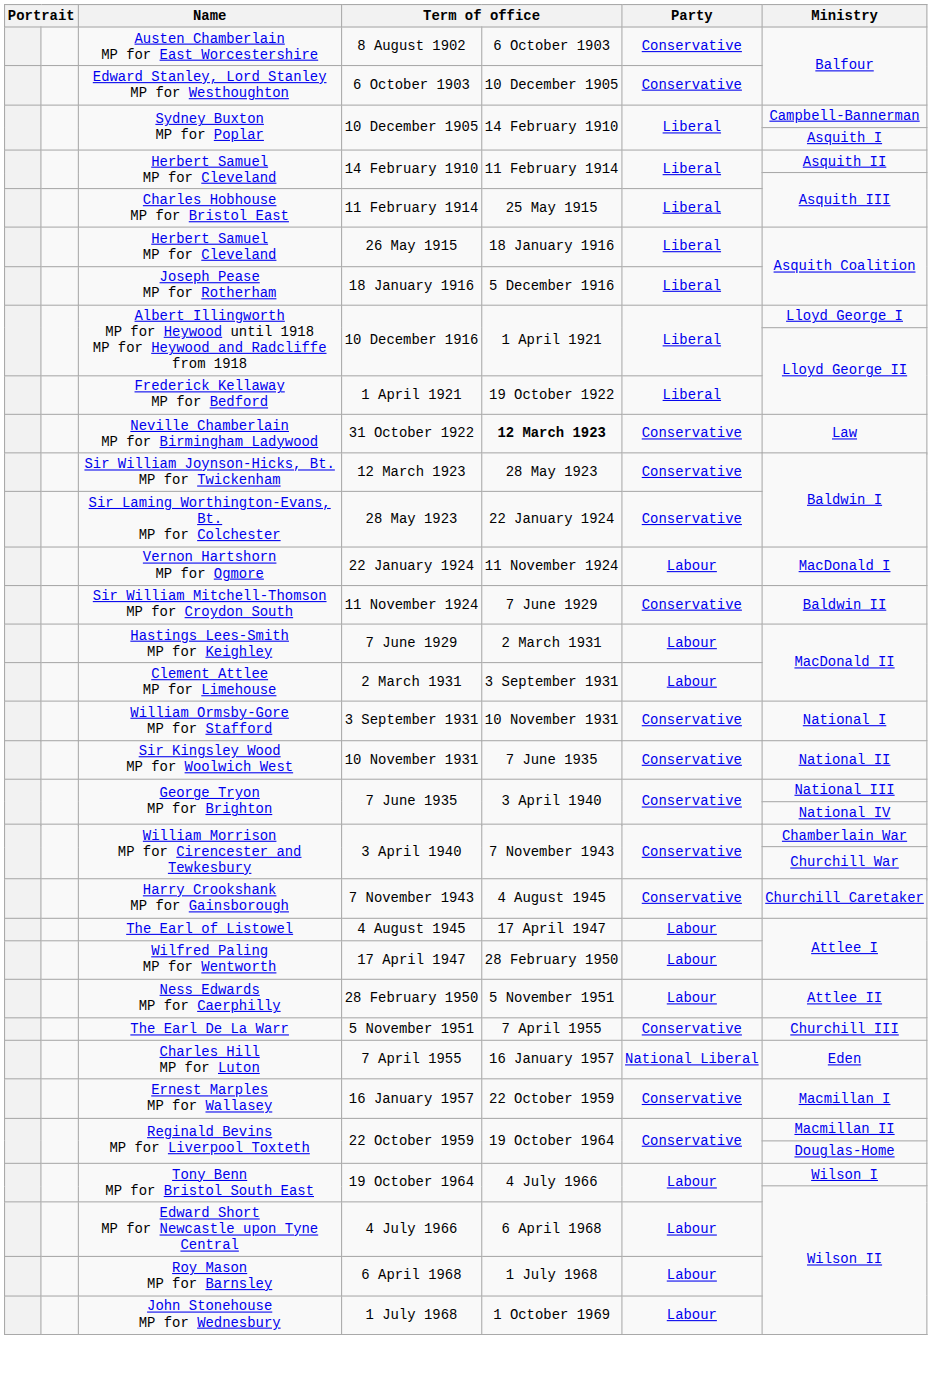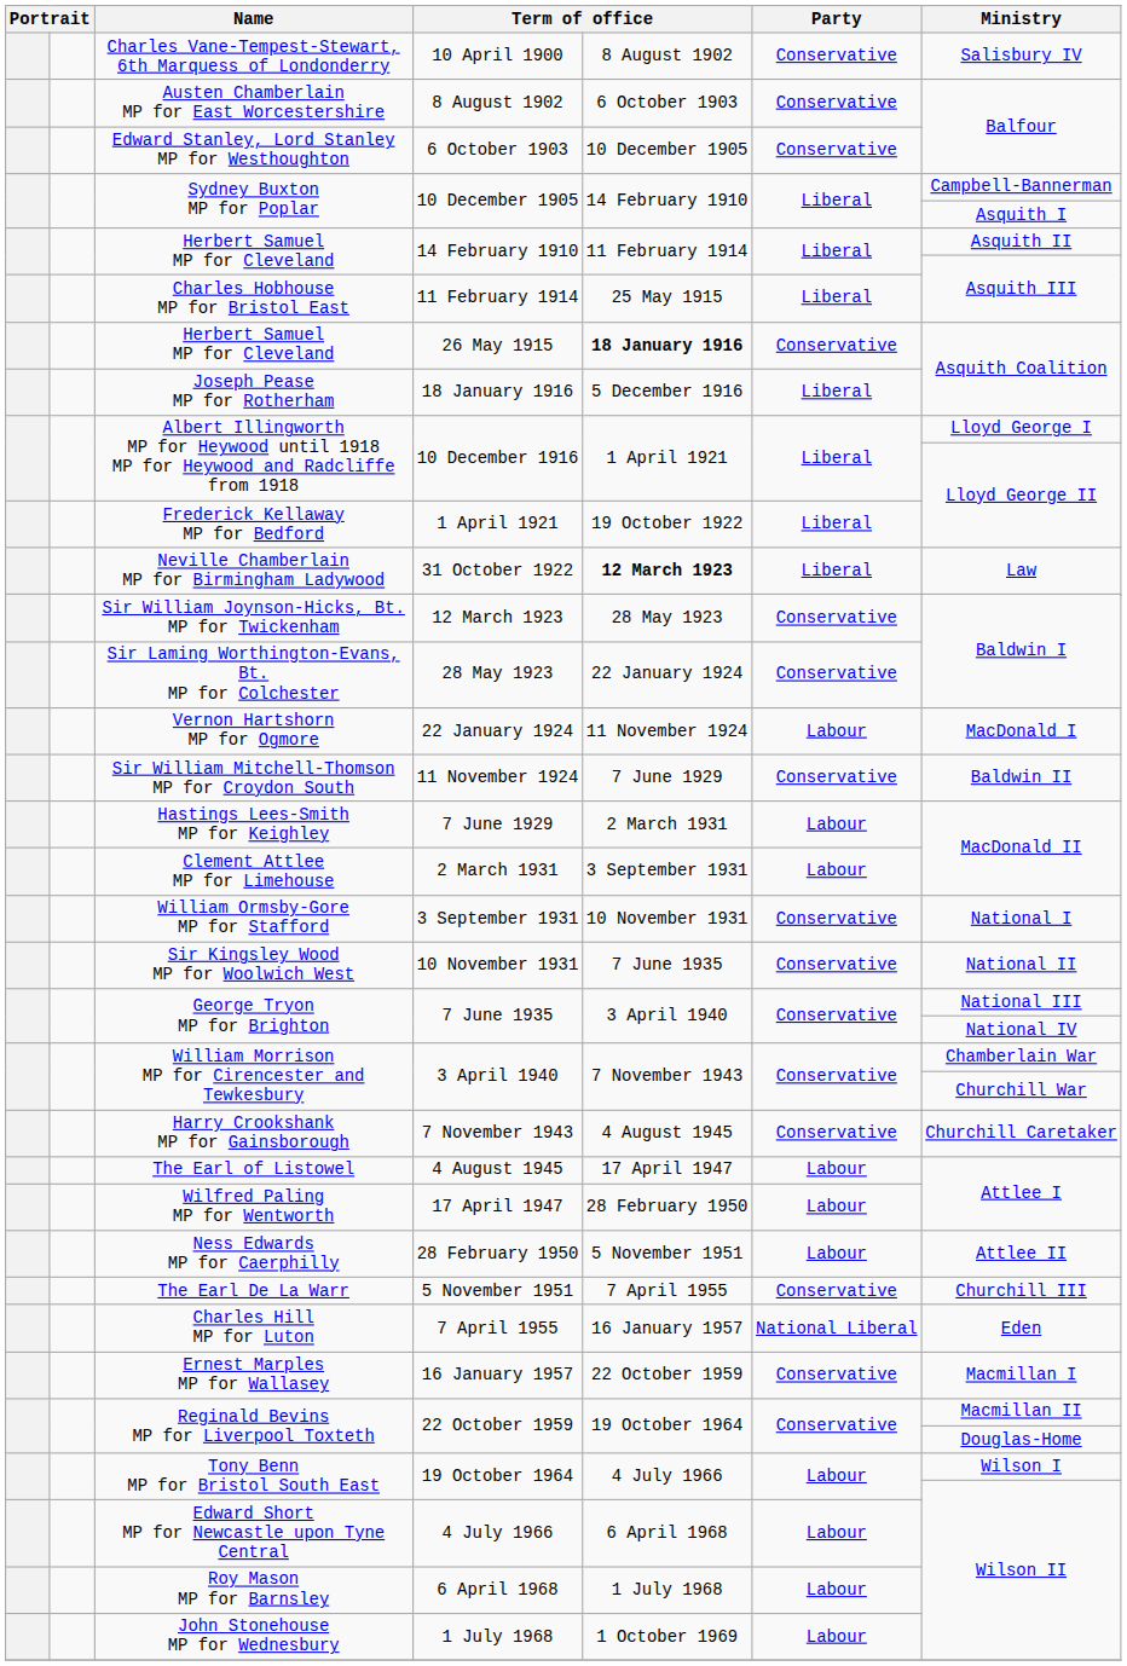 <table class="wikitable plainrowheaders" style="text-align:center;">
 <tr>
 <th colspan=2>Portrait</th>
 <th width=240>Name<br></th>
 <th colspan=2>Term of office</th>
 <th>Party</th>
 <th>Ministry</th>
+</tr>
+<tr>
+<th style="background-color: "></th>
+<td></td>
+<td><a href='#'>Charles Vane-Tempest-Stewart, 6th Marquess of Londonderry</a><br> </td>
+<td>10 April 1900 <br></td>
+<td>8 August 1902</td>
+<td><a href='#'>Conservative</a></td>
+<td><a href='#'>Salisbury IV</a></td>
 </tr>
 <tr>
 <th style="background-color: "></th>
 <td></td>
 <td><a href='#'>Austen Chamberlain</a><br>MP for <a href='#'>East Worcestershire</a><br> </td>
 <td>8 August 1902</td>
 <td>6 October 1903</td>
 <td><a href='#'>Conservative</a></td>
 <td rowspan=2 ><a href='#'>Balfour</a></td>
 </tr>
 <tr>
 <th style="background-color: "></th>
 <td></td>
 <td><a href='#'>Edward Stanley, Lord Stanley</a><br>MP for <a href='#'>Westhoughton</a><br> </td>
 <td>6 October 1903</td>
 <td>10 December 1905</td>
 <td><a href='#'>Conservative</a></td>
 </tr>
 <tr>
 <th rowspan=2 style="background-color: "></th>
 <td rowspan=2></td>
 <td rowspan=2><a href='#'>Sydney Buxton</a><br>MP for <a href='#'>Poplar</a><br> </td>
 <td rowspan=2>10 December 1905</td>
 <td rowspan=2>14 February 1910</td>
 <td rowspan=2 ><a href='#'>Liberal</a></td>
 <td><a href='#'>Campbell-Bannerman</a></td>
 </tr>
 <tr>
 <td><a href='#'>Asquith I</a></td>
 </tr>
 <tr>
 <th rowspan=2 style="background-color: "></th>
 <td rowspan=2></td>
 <td rowspan=2><a href='#'>Herbert Samuel</a><br>MP for <a href='#'>Cleveland</a><br> </td>
 <td rowspan=2>14 February 1910</td>
 <td rowspan=2>11 February 1914</td>
 <td rowspan=2 ><a href='#'>Liberal</a></td>
 <td><a href='#'>Asquith II</a></td>
 </tr>
 <tr>
 <td rowspan=2 ><a href='#'>Asquith III</a></td>
 </tr>
 <tr>
 <th style="background-color: "></th>
 <td></td>
 <td><a href='#'>Charles Hobhouse</a><br>MP for <a href='#'>Bristol East</a><br> </td>
 <td>11 February 1914</td>
 <td>25 May 1915</td>
 <td><a href='#'>Liberal</a></td>
 </tr>
 <tr>
 <th style="background-color: "></th>
 <td></td>
 <td><a href='#'>Herbert Samuel</a><br>MP for <a href='#'>Cleveland</a><br> </td>
 <td>26 May 1915</td>
-<td>18 January 1916</td>
-<td><a href='#'>Liberal</a></td>
+<td><strong>18 January 1916</strong></td>
+<td><a href='#'>Conservative</a></td>
 <td rowspan=2 ><a href='#'>Asquith Coalition</a><br></td>
 </tr>
 <tr>
 <th style="background-color: "></th>
 <td></td>
 <td><a href='#'>Joseph Pease</a><br>MP for <a href='#'>Rotherham</a><br> </td>
 <td>18 January 1916</td>
 <td>5 December 1916</td>
 <td><a href='#'>Liberal</a></td>
 </tr>
 <tr>
 <th rowspan=2 style="background-color: "></th>
 <td rowspan=2></td>
 <td rowspan=2><a href='#'>Albert Illingworth</a><br>MP for <a href='#'>Heywood</a> until 1918<br>MP for <a href='#'>Heywood and Radcliffe</a> from 1918<br></td>
 <td rowspan=2>10 December 1916</td>
 <td rowspan=2>1 April 1921</td>
 <td rowspan=2 ><a href='#'>Liberal</a></td>
 <td><a href='#'>Lloyd George I</a></td>
 </tr>
 <tr>
 <td rowspan=2 ><a href='#'>Lloyd George II</a></td>
 </tr>
 <tr>
 <th style="background-color: "></th>
 <td></td>
 <td><a href='#'>Frederick Kellaway</a><br>MP for <a href='#'>Bedford</a><br></td>
 <td>1 April 1921</td>
 <td>19 October 1922</td>
 <td><a href='#'>Liberal</a></td>
 </tr>
 <tr>
 <th style="background-color: "></th>
 <td></td>
 <td><a href='#'>Neville Chamberlain</a><br>MP for <a href='#'>Birmingham Ladywood</a><br></td>
 <td>31 October 1922</td>
 <td><strong>12 March 1923</strong></td>
-<td><a href='#'>Conservative</a></td>
+<td><a href='#'>Liberal</a></td>
 <td rowspan=2 ><a href='#'>Law</a></td>
 </tr>
 <tr>
 <th rowspan=2 style="background-color: "></th>
 <td rowspan=2></td>
 <td rowspan=2><a href='#'>Sir William Joynson-Hicks, Bt.</a><br>MP for <a href='#'>Twickenham</a><br></td>
 <td rowspan=2>12 March 1923</td>
 <td rowspan=2>28 May 1923</td>
 <td rowspan=2 ><a href='#'>Conservative</a></td>
 </tr>
 <tr>
 <td rowspan=2 ><a href='#'>Baldwin I</a></td>
 </tr>
 <tr>
 <th style="background-color: "></th>
 <td></td>
 <td><a href='#'>Sir Laming Worthington-Evans, Bt.</a><br>MP for <a href='#'>Colchester</a><br> </td>
 <td>28 May 1923</td>
 <td>22 January 1924</td>
 <td><a href='#'>Conservative</a></td>
 </tr>
 <tr>
 <th style="background-color: "></th>
 <td></td>
 <td><a href='#'>Vernon Hartshorn</a><br>MP for <a href='#'>Ogmore</a><br> </td>
 <td>22 January 1924</td>
 <td>11 November 1924</td>
 <td><a href='#'>Labour</a></td>
 <td><a href='#'>MacDonald I</a></td>
 </tr>
 <tr>
 <th style="background-color: "></th>
 <td></td>
 <td><a href='#'>Sir William Mitchell-Thomson</a><br>MP for <a href='#'>Croydon South</a><br></td>
 <td>11 November 1924</td>
 <td>7 June 1929</td>
 <td><a href='#'>Conservative</a></td>
 <td><a href='#'>Baldwin II</a></td>
 </tr>
 <tr>
 <th style="background-color: "></th>
 <td></td>
 <td><a href='#'>Hastings Lees-Smith</a><br>MP for <a href='#'>Keighley</a><br></td>
 <td>7 June 1929</td>
 <td>2 March 1931</td>
 <td><a href='#'>Labour</a></td>
 <td rowspan=2 ><a href='#'>MacDonald II</a></td>
 </tr>
 <tr>
 <th style="background-color: "></th>
 <td></td>
 <td><a href='#'>Clement Attlee</a><br>MP for <a href='#'>Limehouse</a><br></td>
 <td>2 March 1931</td>
 <td>3 September 1931</td>
 <td><a href='#'>Labour</a></td>
 </tr>
 <tr>
 <th style="background-color: "></th>
 <td></td>
 <td><a href='#'>William Ormsby-Gore</a><br>MP for <a href='#'>Stafford</a><br></td>
 <td>3 September 1931</td>
 <td>10 November 1931</td>
 <td><a href='#'>Conservative</a></td>
 <td rowspan=2 ><a href='#'>National I</a><br></td>
 </tr>
 <tr>
 <th rowspan=2 style="background-color: "></th>
 <td rowspan=2></td>
 <td rowspan=2><a href='#'>Sir Kingsley Wood</a><br>MP for <a href='#'>Woolwich West</a><br> </td>
 <td rowspan=2>10 November 1931</td>
 <td rowspan=2>7 June 1935</td>
 <td rowspan=2 ><a href='#'>Conservative</a></td>
 </tr>
 <tr>
 <td><a href='#'>National II</a></td>
 </tr>
 <tr>
 <th rowspan=3 style="background-color: "></th>
 <td rowspan=3></td>
 <td rowspan=3><a href='#'>George Tryon</a><br>MP for <a href='#'>Brighton</a><br></td>
 <td rowspan=3>7 June 1935</td>
 <td rowspan=3>3 April 1940</td>
 <td rowspan=3 ><a href='#'>Conservative</a></td>
 <td><a href='#'>National III</a><br></td>
 </tr>
 <tr>
 <td><a href='#'>National IV</a></td>
 </tr>
 <tr>
 <td rowspan=2 ><a href='#'>Chamberlain War</a></td>
 </tr>
 <tr>
 <th rowspan=2 style="background-color: "></th>
 <td rowspan=2></td>
 <td rowspan=2><a href='#'>William Morrison</a><br>MP for <a href='#'>Cirencester and Tewkesbury</a><br></td>
 <td rowspan=2>3 April 1940</td>
 <td rowspan=2>7 November 1943</td>
 <td rowspan=2 ><a href='#'>Conservative</a></td>
 </tr>
 <tr>
 <td rowspan=2 ><a href='#'>Churchill War</a><br></td>
 </tr>
 <tr>
 <th rowspan=2 style="background-color: "></th>
 <td rowspan=2></td>
 <td rowspan=2><a href='#'>Harry Crookshank</a><br>MP for <a href='#'>Gainsborough</a><br></td>
 <td rowspan=2>7 November 1943</td>
 <td rowspan=2>4 August 1945</td>
 <td rowspan=2 ><a href='#'>Conservative</a></td>
 </tr>
 <tr>
 <td><a href='#'>Churchill Caretaker</a><br></td>
 </tr>
 <tr>
 <th style="background-color: "></th>
 <td></td>
 <td><a href='#'>The Earl of Listowel</a><br></td>
 <td>4 August 1945</td>
 <td>17 April 1947</td>
 <td><a href='#'>Labour</a></td>
 <td rowspan=2 ><a href='#'>Attlee I</a></td>
 </tr>
 <tr>
 <th style="background-color: "></th>
 <td></td>
 <td><a href='#'>Wilfred Paling</a><br>MP for <a href='#'>Wentworth</a><br></td>
 <td>17 April 1947</td>
 <td>28 February 1950</td>
 <td><a href='#'>Labour</a></td>
 </tr>
 <tr>
 <th style="background-color: "></th>
 <td></td>
 <td><a href='#'>Ness Edwards</a><br>MP for <a href='#'>Caerphilly</a><br></td>
 <td>28 February 1950</td>
 <td>5 November 1951</td>
 <td><a href='#'>Labour</a></td>
 <td><a href='#'>Attlee II</a></td>
 </tr>
 <tr>
 <th style="background-color: "></th>
 <td></td>
 <td><a href='#'>The Earl De La Warr</a><br></td>
 <td>5 November 1951</td>
 <td>7 April 1955</td>
 <td><a href='#'>Conservative</a></td>
 <td><a href='#'>Churchill III</a></td>
 </tr>
 <tr>
 <th style="background-color: "></th>
 <td></td>
 <td><a href='#'>Charles Hill</a><br>MP for <a href='#'>Luton</a><br></td>
 <td>7 April 1955</td>
 <td>16 January 1957</td>
 <td><a href='#'>National Liberal</a></td>
 <td><a href='#'>Eden</a></td>
 </tr>
 <tr>
 <th style="background-color: "></th>
 <td></td>
 <td><a href='#'>Ernest Marples</a><br>MP for <a href='#'>Wallasey</a><br></td>
 <td>16 January 1957</td>
 <td>22 October 1959</td>
 <td><a href='#'>Conservative</a></td>
 <td><a href='#'>Macmillan I</a></td>
 </tr>
 <tr>
 <th rowspan=2 style="background-color: "></th>
 <td rowspan=2></td>
 <td rowspan=2><a href='#'>Reginald Bevins</a><br>MP for <a href='#'>Liverpool Toxteth</a><br></td>
 <td rowspan=2>22 October 1959</td>
 <td rowspan=2>19 October 1964</td>
 <td rowspan=2 ><a href='#'>Conservative</a></td>
 <td><a href='#'>Macmillan II</a></td>
 </tr>
 <tr>
 <td><a href='#'>Douglas-Home</a></td>
 </tr>
 <tr>
 <th rowspan=2 style="background-color: "></th>
 <td rowspan=2></td>
 <td rowspan=2><a href='#'>Tony Benn</a><br>MP for <a href='#'>Bristol South East</a><br></td>
 <td rowspan=2>19 October 1964</td>
 <td rowspan=2>4 July 1966</td>
 <td rowspan=2 ><a href='#'>Labour</a></td>
 <td><a href='#'>Wilson I</a></td>
 </tr>
 <tr>
 <td rowspan=4 ><a href='#'>Wilson II</a></td>
 </tr>
 <tr>
 <th style="background-color: "></th>
 <td></td>
 <td><a href='#'>Edward Short</a><br>MP for <a href='#'>Newcastle upon Tyne Central</a><br></td>
 <td>4 July 1966</td>
 <td>6 April 1968</td>
 <td><a href='#'>Labour</a></td>
 </tr>
 <tr>
 <th style="background-color: "></th>
 <td></td>
 <td><a href='#'>Roy Mason</a><br>MP for <a href='#'>Barnsley</a><br></td>
 <td>6 April 1968</td>
 <td>1 July 1968</td>
 <td><a href='#'>Labour</a></td>
 </tr>
 <tr>
 <th style="background-color: "></th>
 <td></td>
 <td><a href='#'>John Stonehouse</a><br>MP for <a href='#'>Wednesbury</a><br></td>
 <td>1 July 1968</td>
 <td>1 October 1969</td>
 <td><a href='#'>Labour</a></td>
 </tr>
 <tr>
 </tr>
 </table>
